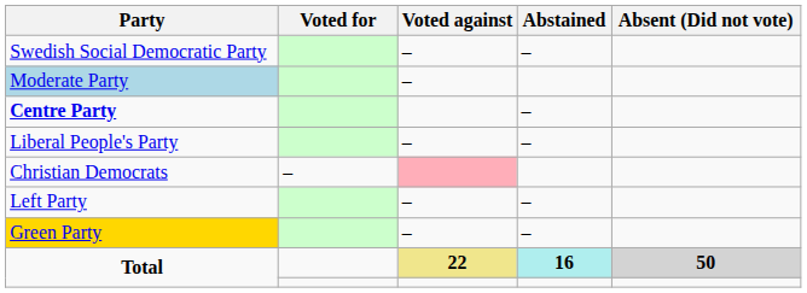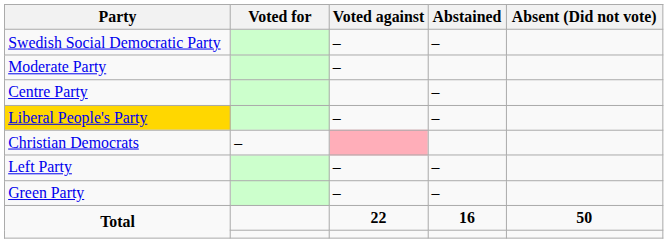 <table class="wikitable">
 <tr>
 <th>Party</th>
 <th style="width:15%;">Voted for</th>
 <th style="width:15%;">Voted against</th>
 <th>Abstained</th>
 <th>Absent (Did not vote)</th>
 </tr>
 <tr>
 <td> <a href='#'>Swedish Social Democratic Party</a></td>
 <td style="background-color:#CCFFCC;"></td>
 <td>–</td>
 <td>–</td>
 <td></td>
 </tr>
 <tr>
-<td style="background: lightblue;"> <a href='#'>Moderate Party</a></td>
+<td> <a href='#'>Moderate Party</a></td>
 <td style="background-color:#CCFFCC;"></td>
 <td>–</td>
 <td></td>
 <td></td>
 </tr>
 <tr>
-<td><strong> <a href='#'>Centre Party</a></strong></td>
+<td> <a href='#'>Centre Party</a></td>
 <td style="background-color:#CCFFCC;"></td>
 <td></td>
 <td>–</td>
 <td></td>
 </tr>
 <tr>
-<td> <a href='#'>Liberal People's Party</a></td>
+<td style="background: gold;"> <a href='#'>Liberal People's Party</a></td>
 <td style="background-color:#CCFFCC;"></td>
 <td>–</td>
 <td>–</td>
 <td></td>
 </tr>
 <tr>
 <td> <a href='#'>Christian Democrats</a></td>
 <td>–</td>
 <td style="background-color:#FFAEB9;"></td>
 <td></td>
 <td></td>
 </tr>
 <tr>
 <td> <a href='#'>Left Party</a></td>
 <td style="background-color:#CCFFCC;"></td>
 <td>–</td>
 <td>–</td>
 <td></td>
 </tr>
 <tr>
-<td style="background: gold;"> <a href='#'>Green Party</a></td>
+<td> <a href='#'>Green Party</a></td>
 <td style="background-color:#CCFFCC;"></td>
 <td>–</td>
 <td>–</td>
 <td></td>
 </tr>
 <tr>
 <td style="text-align:center;" rowspan="2"><strong>Total</strong></td>
 <td></td>
-<td style="background: khaki; text-align:center;"><strong>22</strong></td>
-<td style="background: paleturquoise; text-align:center;"><strong>16</strong></td>
-<td style="background: lightgrey; text-align:center;"><strong>50</strong></td>
+<td style="text-align:center;"><strong>22</strong></td>
+<td style="text-align:center;"><strong>16</strong></td>
+<td style="text-align:center;"><strong>50</strong></td>
 </tr>
 <tr>
 <td style="text-align:center;"></td>
 <td style="text-align:center;"></td>
 <td style="text-align:center;"></td>
 <td style="text-align:center;"></td>
 </tr>
 </table>
